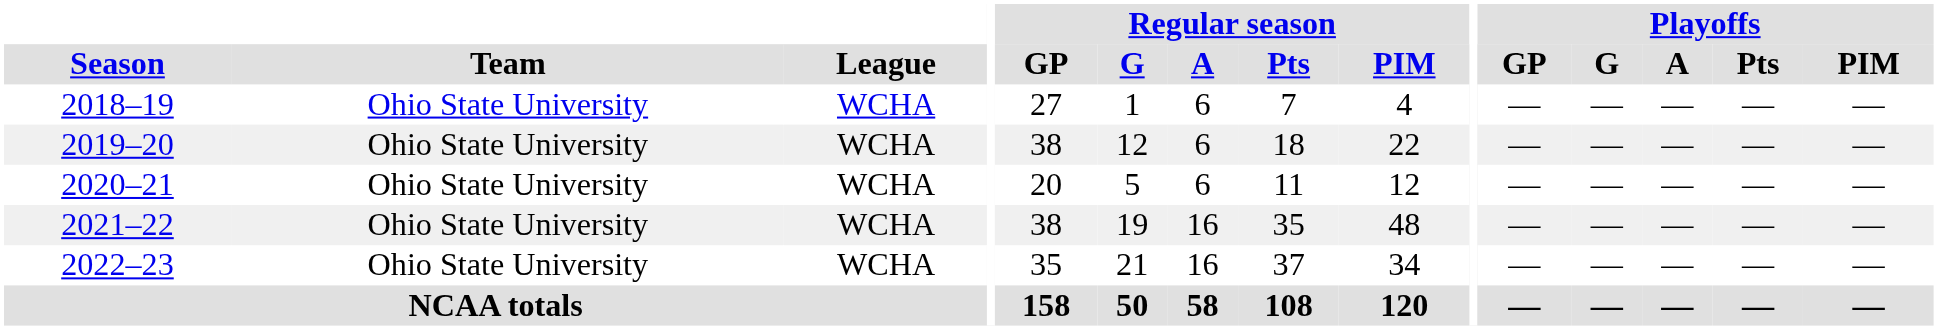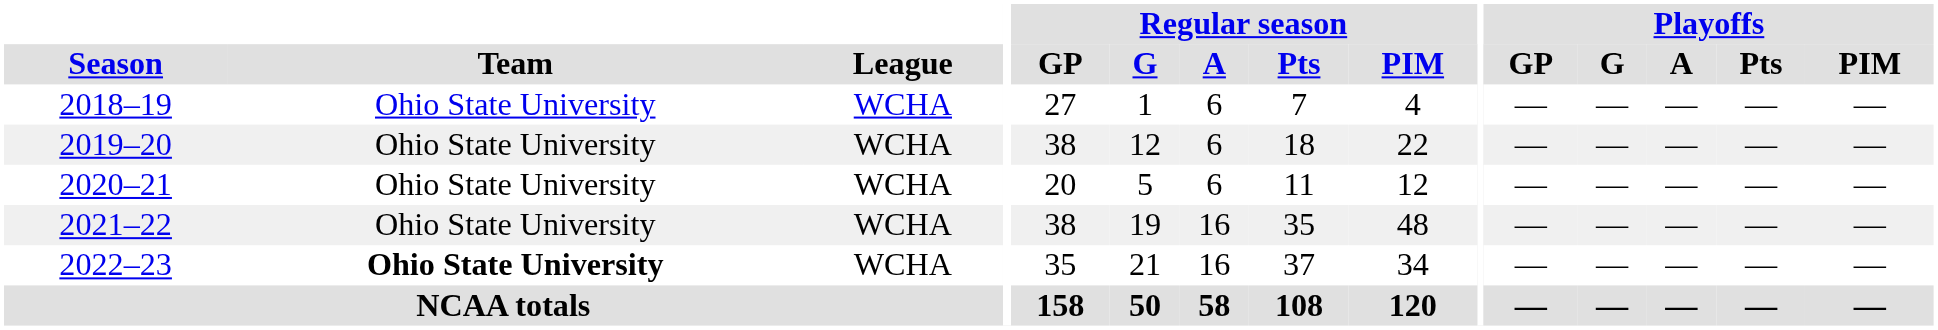 <table border="0" cellpadding="1" cellspacing="0" style="text-align:center; width:60em">
 <tr bgcolor="#e0e0e0">
 <th colspan="3" bgcolor="#ffffff"></th>
 <th rowspan="97" bgcolor="#ffffff"></th>
 <th colspan="5"><a href='#'>Regular season</a></th>
 <th rowspan="97" bgcolor="#ffffff"></th>
 <th colspan="5"><a href='#'>Playoffs</a></th>
 </tr>
 <tr bgcolor="#e0e0e0">
 <th><a href='#'>Season</a></th>
 <th>Team</th>
 <th>League</th>
 <th>GP</th>
 <th><a href='#'>G</a></th>
 <th><a href='#'>A</a></th>
 <th><a href='#'>Pts</a></th>
 <th><a href='#'>PIM</a></th>
 <th>GP</th>
 <th>G</th>
 <th>A</th>
 <th>Pts</th>
 <th>PIM</th>
 </tr>
 <tr>
 <td><a href='#'>2018–19</a></td>
 <td><a href='#'>Ohio State University</a></td>
 <td><a href='#'>WCHA</a></td>
 <td>27</td>
 <td>1</td>
 <td>6</td>
 <td>7</td>
 <td>4</td>
 <td>—</td>
 <td>—</td>
 <td>—</td>
 <td>—</td>
 <td>—</td>
 </tr>
 <tr bgcolor="#f0f0f0">
 <td><a href='#'>2019–20</a></td>
 <td>Ohio State University</td>
 <td>WCHA</td>
 <td>38</td>
 <td>12</td>
 <td>6</td>
 <td>18</td>
 <td>22</td>
 <td>—</td>
 <td>—</td>
 <td>—</td>
 <td>—</td>
 <td>—</td>
 </tr>
 <tr>
 <td><a href='#'>2020–21</a></td>
 <td>Ohio State University</td>
 <td>WCHA</td>
 <td>20</td>
 <td>5</td>
 <td>6</td>
 <td>11</td>
 <td>12</td>
 <td>—</td>
 <td>—</td>
 <td>—</td>
 <td>—</td>
 <td>—</td>
 </tr>
 <tr bgcolor="#f0f0f0">
 <td><a href='#'>2021–22</a></td>
 <td>Ohio State University</td>
 <td>WCHA</td>
 <td>38</td>
 <td>19</td>
 <td>16</td>
 <td>35</td>
 <td>48</td>
 <td>—</td>
 <td>—</td>
 <td>—</td>
 <td>—</td>
 <td>—</td>
 </tr>
 <tr>
 <td><a href='#'>2022–23</a></td>
-<td>Ohio State University</td>
+<td><strong>Ohio State University</strong></td>
 <td>WCHA</td>
 <td>35</td>
 <td>21</td>
 <td>16</td>
 <td>37</td>
 <td>34</td>
 <td>—</td>
 <td>—</td>
 <td>—</td>
 <td>—</td>
 <td>—</td>
 </tr>
 <tr bgcolor="#e0e0e0">
 <th colspan="3">NCAA totals</th>
 <th>158</th>
 <th>50</th>
 <th>58</th>
 <th>108</th>
 <th>120</th>
 <th>—</th>
 <th>—</th>
 <th>—</th>
 <th>—</th>
 <th>—</th>
 </tr>
 </table>
